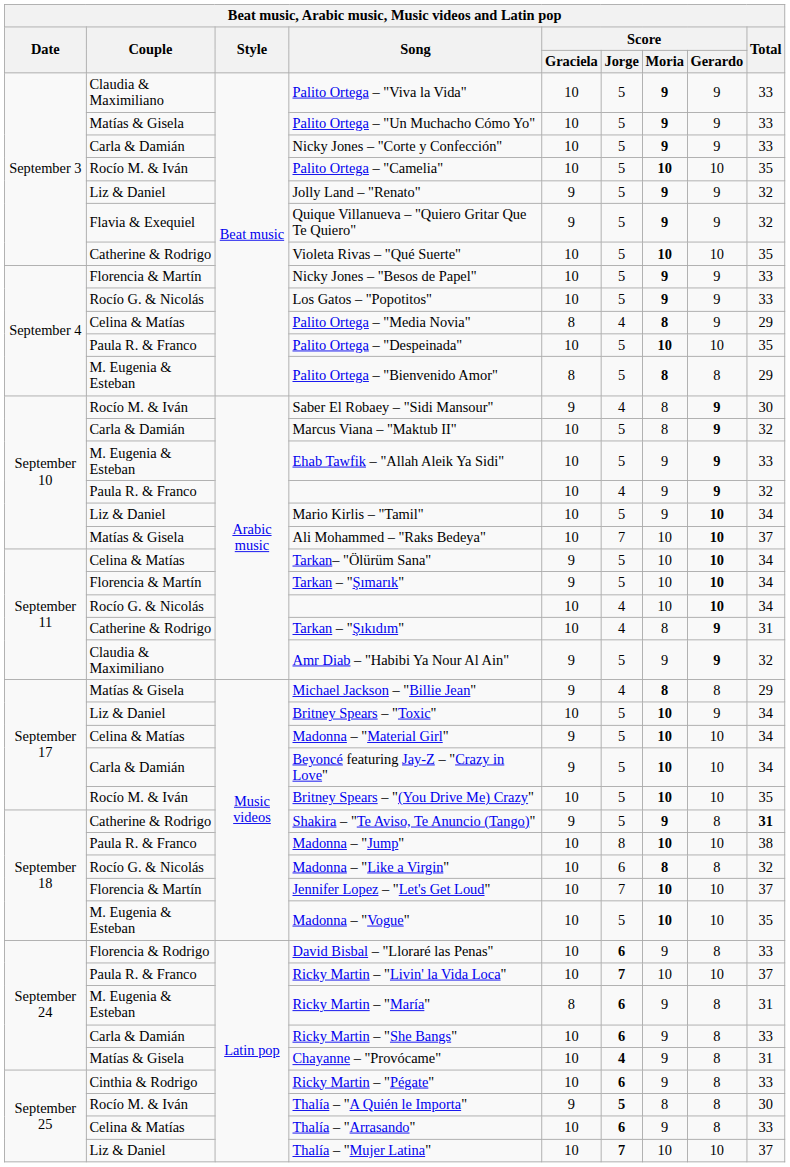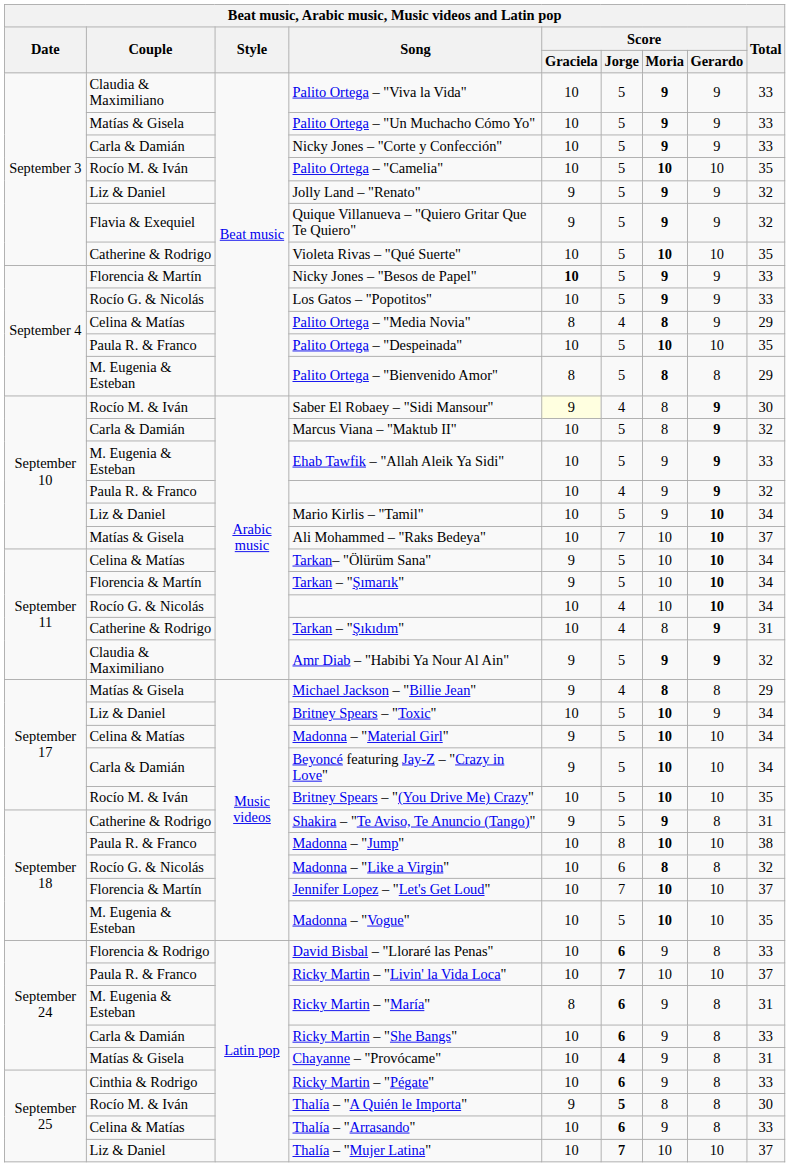 <table class="wikitable collapsible collapsed">
 <tr>
 <th colspan="10" style="text-align:center;"><strong>Beat music, Arabic music, Music videos and Latin pop</strong></th>
 </tr>
 <tr>
 <th rowspan="2">Date</th>
 <th rowspan="2">Couple</th>
 <th rowspan="2">Style</th>
 <th rowspan="2">Song</th>
 <th colspan="4">Score</th>
 <th rowspan="2">Total</th>
 </tr>
 <tr>
 <th>Graciela</th>
 <th>Jorge</th>
 <th>Moria</th>
 <th>Gerardo</th>
 </tr>
 <tr>
 <td rowspan="7" style="text-align:center;">September 3</td>
 <td>Claudia & Maximiliano</td>
 <td rowspan="12" style="text-align:center;"><a href='#'>Beat music</a></td>
 <td><a href='#'>Palito Ortega</a> – "Viva la Vida"</td>
 <td style="text-align:center;">10</td>
 <td style="text-align:center;">5</td>
 <td style="text-align:center;"><strong>9</strong></td>
 <td style="text-align:center;">9</td>
 <td style="text-align:center;">33</td>
 </tr>
 <tr>
 <td>Matías & Gisela</td>
 <td><a href='#'>Palito Ortega</a> – "Un Muchacho Cómo Yo"</td>
 <td style="text-align:center;">10</td>
 <td style="text-align:center;">5</td>
 <td style="text-align:center;"><strong>9</strong></td>
 <td style="text-align:center;">9</td>
 <td style="text-align:center;">33</td>
 </tr>
 <tr>
 <td>Carla & Damián</td>
 <td>Nicky Jones – "Corte y Confección"</td>
 <td style="text-align:center;">10</td>
 <td style="text-align:center;">5</td>
 <td style="text-align:center;"><strong>9</strong></td>
 <td style="text-align:center;">9</td>
 <td style="text-align:center;">33</td>
 </tr>
 <tr>
 <td>Rocío M. & Iván</td>
 <td><a href='#'>Palito Ortega</a> – "Camelia"</td>
 <td style="text-align:center;">10</td>
 <td style="text-align:center;">5</td>
 <td style="text-align:center;"><strong>10</strong></td>
 <td style="text-align:center;">10</td>
 <td style="text-align:center;">35</td>
 </tr>
 <tr>
 <td>Liz & Daniel</td>
 <td>Jolly Land – "Renato"</td>
 <td style="text-align:center;">9</td>
 <td style="text-align:center;">5</td>
 <td style="text-align:center;"><strong>9</strong></td>
 <td style="text-align:center;">9</td>
 <td style="text-align:center;">32</td>
 </tr>
 <tr>
 <td>Flavia & Exequiel</td>
 <td>Quique Villanueva – "Quiero Gritar Que Te Quiero"</td>
 <td style="text-align:center;">9</td>
 <td style="text-align:center;">5</td>
 <td style="text-align:center;"><strong>9</strong></td>
 <td style="text-align:center;">9</td>
 <td style="text-align:center;">32</td>
 </tr>
 <tr>
 <td>Catherine & Rodrigo</td>
 <td>Violeta Rivas – "Qué Suerte"</td>
 <td style="text-align:center;">10</td>
 <td style="text-align:center;">5</td>
 <td style="text-align:center;"><strong>10</strong></td>
 <td style="text-align:center;">10</td>
 <td style="text-align:center;">35</td>
 </tr>
 <tr>
 <td rowspan="5" style="text-align:center;">September 4</td>
 <td>Florencia & Martín</td>
 <td>Nicky Jones – "Besos de Papel"</td>
-<td style="text-align:center;">10</td>
+<td style="text-align:center;"><strong>10</strong></td>
 <td style="text-align:center;">5</td>
 <td style="text-align:center;"><strong>9</strong></td>
 <td style="text-align:center;">9</td>
 <td style="text-align:center;">33</td>
 </tr>
 <tr>
 <td>Rocío G. & Nicolás</td>
 <td>Los Gatos – "Popotitos"</td>
 <td style="text-align:center;">10</td>
 <td style="text-align:center;">5</td>
 <td style="text-align:center;"><strong>9</strong></td>
 <td style="text-align:center;">9</td>
 <td style="text-align:center;">33</td>
 </tr>
 <tr>
 <td>Celina & Matías</td>
 <td><a href='#'>Palito Ortega</a> – "Media Novia"</td>
 <td style="text-align:center;">8</td>
 <td style="text-align:center;">4</td>
 <td style="text-align:center;"><strong>8</strong></td>
 <td style="text-align:center;">9</td>
 <td style="text-align:center;">29</td>
 </tr>
 <tr>
 <td>Paula R. & Franco</td>
 <td><a href='#'>Palito Ortega</a> – "Despeinada"</td>
 <td style="text-align:center;">10</td>
 <td style="text-align:center;">5</td>
 <td style="text-align:center;"><strong>10</strong></td>
 <td style="text-align:center;">10</td>
 <td style="text-align:center;">35</td>
 </tr>
 <tr>
 <td>M. Eugenia & Esteban</td>
 <td><a href='#'>Palito Ortega</a> – "Bienvenido Amor"</td>
 <td style="text-align:center;">8</td>
 <td style="text-align:center;">5</td>
 <td style="text-align:center;"><strong>8</strong></td>
 <td style="text-align:center;">8</td>
 <td style="text-align:center;">29</td>
 </tr>
 <tr>
 <td rowspan="6" style="text-align:center;">September 10</td>
 <td>Rocío M. & Iván</td>
 <td rowspan="11" style="text-align:center;"><a href='#'>Arabic music</a></td>
 <td>Saber El Robaey – "Sidi Mansour"</td>
-<td style="text-align:center;">9</td>
+<td style="background: lightyellow; text-align:center;">9</td>
 <td style="text-align:center;">4</td>
 <td style="text-align:center;">8</td>
 <td style="text-align:center;"><strong>9</strong></td>
 <td style="text-align:center;">30</td>
 </tr>
 <tr>
 <td>Carla & Damián</td>
 <td>Marcus Viana – "Maktub II"</td>
 <td style="text-align:center;">10</td>
 <td style="text-align:center;">5</td>
 <td style="text-align:center;">8</td>
 <td style="text-align:center;"><strong>9</strong></td>
 <td style="text-align:center;">32</td>
 </tr>
 <tr>
 <td>M. Eugenia & Esteban</td>
 <td><a href='#'>Ehab Tawfik</a> – "Allah Aleik Ya Sidi"</td>
 <td style="text-align:center;">10</td>
 <td style="text-align:center;">5</td>
 <td style="text-align:center;">9</td>
 <td style="text-align:center;"><strong>9</strong></td>
 <td style="text-align:center;">33</td>
 </tr>
 <tr>
 <td>Paula R. & Franco</td>
 <td></td>
 <td style="text-align:center;">10</td>
 <td style="text-align:center;">4</td>
 <td style="text-align:center;">9</td>
 <td style="text-align:center;"><strong>9</strong></td>
 <td style="text-align:center;">32</td>
 </tr>
 <tr>
 <td>Liz & Daniel</td>
 <td>Mario Kirlis – "Tamil"</td>
 <td style="text-align:center;">10</td>
 <td style="text-align:center;">5</td>
 <td style="text-align:center;">9</td>
 <td style="text-align:center;"><strong>10</strong></td>
 <td style="text-align:center;">34</td>
 </tr>
 <tr>
 <td>Matías & Gisela</td>
 <td>Ali Mohammed – "Raks Bedeya"</td>
 <td style="text-align:center;">10</td>
 <td style="text-align:center;">7</td>
 <td style="text-align:center;">10</td>
 <td style="text-align:center;"><strong>10</strong></td>
 <td style="text-align:center;">37</td>
 </tr>
 <tr>
 <td rowspan="5" style="text-align:center;">September 11</td>
 <td>Celina & Matías</td>
 <td><a href='#'>Tarkan</a>– "Ölürüm Sana"</td>
 <td style="text-align:center;">9</td>
 <td style="text-align:center;">5</td>
 <td style="text-align:center;">10</td>
 <td style="text-align:center;"><strong>10</strong></td>
 <td style="text-align:center;">34</td>
 </tr>
 <tr>
 <td>Florencia & Martín</td>
 <td><a href='#'>Tarkan</a> – "<a href='#'>Şımarık</a>"</td>
 <td style="text-align:center;">9</td>
 <td style="text-align:center;">5</td>
 <td style="text-align:center;">10</td>
 <td style="text-align:center;"><strong>10</strong></td>
 <td style="text-align:center;">34</td>
 </tr>
 <tr>
 <td>Rocío G. & Nicolás</td>
 <td></td>
 <td style="text-align:center;">10</td>
 <td style="text-align:center;">4</td>
 <td style="text-align:center;">10</td>
 <td style="text-align:center;"><strong>10</strong></td>
 <td style="text-align:center;">34</td>
 </tr>
 <tr>
 <td>Catherine & Rodrigo</td>
 <td><a href='#'>Tarkan</a> – "<a href='#'>Şıkıdım</a>"</td>
 <td style="text-align:center;">10</td>
 <td style="text-align:center;">4</td>
 <td style="text-align:center;">8</td>
 <td style="text-align:center;"><strong>9</strong></td>
 <td style="text-align:center;">31</td>
 </tr>
 <tr>
 <td>Claudia & Maximiliano</td>
 <td><a href='#'>Amr Diab</a> – "Habibi Ya Nour Al Ain"</td>
 <td style="text-align:center;">9</td>
 <td style="text-align:center;">5</td>
-<td style="text-align:center;">9</td>
+<td style="text-align:center;"><strong>9</strong></td>
 <td style="text-align:center;"><strong>9</strong></td>
 <td style="text-align:center;">32</td>
 </tr>
 <tr>
 <td rowspan="5" style="text-align:center;">September 17</td>
 <td>Matías & Gisela</td>
 <td rowspan="10" style="text-align:center;"><a href='#'>Music videos</a></td>
 <td><a href='#'>Michael Jackson</a> – "<a href='#'>Billie Jean</a>"</td>
 <td style="text-align:center;">9</td>
 <td style="text-align:center;">4</td>
 <td style="text-align:center;"><strong>8</strong></td>
 <td style="text-align:center;">8</td>
 <td style="text-align:center;">29</td>
 </tr>
 <tr>
 <td>Liz & Daniel</td>
 <td><a href='#'>Britney Spears</a> – "<a href='#'>Toxic</a>"</td>
 <td style="text-align:center;">10</td>
 <td style="text-align:center;">5</td>
 <td style="text-align:center;"><strong>10</strong></td>
 <td style="text-align:center;">9</td>
 <td style="text-align:center;">34</td>
 </tr>
 <tr>
 <td>Celina & Matías</td>
 <td><a href='#'>Madonna</a> – "<a href='#'>Material Girl</a>"</td>
 <td style="text-align:center;">9</td>
 <td style="text-align:center;">5</td>
 <td style="text-align:center;"><strong>10</strong></td>
 <td style="text-align:center;">10</td>
 <td style="text-align:center;">34</td>
 </tr>
 <tr>
 <td>Carla & Damián</td>
 <td><a href='#'>Beyoncé</a> featuring <a href='#'>Jay-Z</a> – "<a href='#'>Crazy in Love</a>"</td>
 <td style="text-align:center;">9</td>
 <td style="text-align:center;">5</td>
 <td style="text-align:center;"><strong>10</strong></td>
 <td style="text-align:center;">10</td>
 <td style="text-align:center;">34</td>
 </tr>
 <tr>
 <td>Rocío M. & Iván</td>
 <td><a href='#'>Britney Spears</a> – "<a href='#'>(You Drive Me) Crazy</a>"</td>
 <td style="text-align:center;">10</td>
 <td style="text-align:center;">5</td>
 <td style="text-align:center;"><strong>10</strong></td>
 <td style="text-align:center;">10</td>
 <td style="text-align:center;">35</td>
 </tr>
 <tr>
 <td rowspan="5" style="text-align:center;">September 18</td>
 <td>Catherine & Rodrigo</td>
 <td><a href='#'>Shakira</a> – "<a href='#'>Te Aviso, Te Anuncio (Tango)</a>"</td>
 <td style="text-align:center;">9</td>
 <td style="text-align:center;">5</td>
 <td style="text-align:center;"><strong>9</strong></td>
 <td style="text-align:center;">8</td>
-<td style="text-align:center;"><strong>31</strong></td>
+<td style="text-align:center;">31</td>
 </tr>
 <tr>
 <td>Paula R. & Franco</td>
 <td><a href='#'>Madonna</a> – "<a href='#'>Jump</a>"</td>
 <td style="text-align:center;">10</td>
 <td style="text-align:center;">8</td>
 <td style="text-align:center;"><strong>10</strong></td>
 <td style="text-align:center;">10</td>
 <td style="text-align:center;">38</td>
 </tr>
 <tr>
 <td>Rocío G. & Nicolás</td>
 <td><a href='#'>Madonna</a> – "<a href='#'>Like a Virgin</a>"</td>
 <td style="text-align:center;">10</td>
 <td style="text-align:center;">6</td>
 <td style="text-align:center;"><strong>8</strong></td>
 <td style="text-align:center;">8</td>
 <td style="text-align:center;">32</td>
 </tr>
 <tr>
 <td>Florencia & Martín</td>
 <td><a href='#'>Jennifer Lopez</a> – "<a href='#'>Let's Get Loud</a>"</td>
 <td style="text-align:center;">10</td>
 <td style="text-align:center;">7</td>
 <td style="text-align:center;"><strong>10</strong></td>
 <td style="text-align:center;">10</td>
 <td style="text-align:center;">37</td>
 </tr>
 <tr>
 <td>M. Eugenia & Esteban</td>
 <td><a href='#'>Madonna</a> – "<a href='#'>Vogue</a>"</td>
 <td style="text-align:center;">10</td>
 <td style="text-align:center;">5</td>
 <td style="text-align:center;"><strong>10</strong></td>
 <td style="text-align:center;">10</td>
 <td style="text-align:center;">35</td>
 </tr>
 <tr>
 <td rowspan="5" style="text-align:center;">September 24</td>
 <td>Florencia & Rodrigo</td>
 <td rowspan="9" style="text-align:center;"><a href='#'>Latin pop</a></td>
 <td><a href='#'>David Bisbal</a> – "Lloraré las Penas"</td>
 <td style="text-align:center;">10</td>
 <td style="text-align:center;"><strong>6</strong></td>
 <td style="text-align:center;">9</td>
 <td style="text-align:center;">8</td>
 <td style="text-align:center;">33</td>
 </tr>
 <tr>
 <td>Paula R. & Franco</td>
 <td><a href='#'>Ricky Martin</a> – "<a href='#'>Livin' la Vida Loca</a>"</td>
 <td style="text-align:center;">10</td>
 <td style="text-align:center;"><strong>7</strong></td>
 <td style="text-align:center;">10</td>
 <td style="text-align:center;">10</td>
 <td style="text-align:center;">37</td>
 </tr>
 <tr>
 <td>M. Eugenia & Esteban</td>
 <td><a href='#'>Ricky Martin</a> – "<a href='#'>María</a>"</td>
 <td style="text-align:center;">8</td>
 <td style="text-align:center;"><strong>6</strong></td>
 <td style="text-align:center;">9</td>
 <td style="text-align:center;">8</td>
 <td style="text-align:center;">31</td>
 </tr>
 <tr>
 <td>Carla & Damián</td>
 <td><a href='#'>Ricky Martin</a> – "<a href='#'>She Bangs</a>"</td>
 <td style="text-align:center;">10</td>
 <td style="text-align:center;"><strong>6</strong></td>
 <td style="text-align:center;">9</td>
 <td style="text-align:center;">8</td>
 <td style="text-align:center;">33</td>
 </tr>
 <tr>
 <td>Matías & Gisela</td>
 <td><a href='#'>Chayanne</a> – "Provócame"</td>
 <td style="text-align:center;">10</td>
 <td style="text-align:center;"><strong>4</strong></td>
 <td style="text-align:center;">9</td>
 <td style="text-align:center;">8</td>
 <td style="text-align:center;">31</td>
 </tr>
 <tr>
 <td rowspan="4" style="text-align:center;">September 25</td>
 <td>Cinthia & Rodrigo</td>
 <td><a href='#'>Ricky Martin</a> – "<a href='#'>Pégate</a>"</td>
 <td style="text-align:center;">10</td>
 <td style="text-align:center;"><strong>6</strong></td>
 <td style="text-align:center;">9</td>
 <td style="text-align:center;">8</td>
 <td style="text-align:center;">33</td>
 </tr>
 <tr>
 <td>Rocío M. & Iván</td>
 <td><a href='#'>Thalía</a> – "<a href='#'>A Quién le Importa</a>"</td>
 <td style="text-align:center;">9</td>
 <td style="text-align:center;"><strong>5</strong></td>
 <td style="text-align:center;">8</td>
 <td style="text-align:center;">8</td>
 <td style="text-align:center;">30</td>
 </tr>
 <tr>
 <td>Celina & Matías</td>
 <td><a href='#'>Thalía</a> – "<a href='#'>Arrasando</a>"</td>
 <td style="text-align:center;">10</td>
 <td style="text-align:center;"><strong>6</strong></td>
 <td style="text-align:center;">9</td>
 <td style="text-align:center;">8</td>
 <td style="text-align:center;">33</td>
 </tr>
 <tr>
 <td>Liz & Daniel</td>
 <td><a href='#'>Thalía</a> – "<a href='#'>Mujer Latina</a>"</td>
 <td style="text-align:center;">10</td>
 <td style="text-align:center;"><strong>7</strong></td>
 <td style="text-align:center;">10</td>
 <td style="text-align:center;">10</td>
 <td style="text-align:center;">37</td>
 </tr>
 </table>
